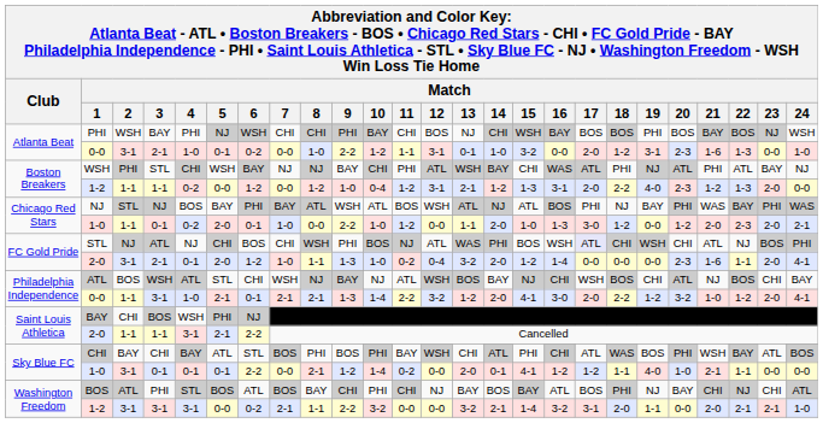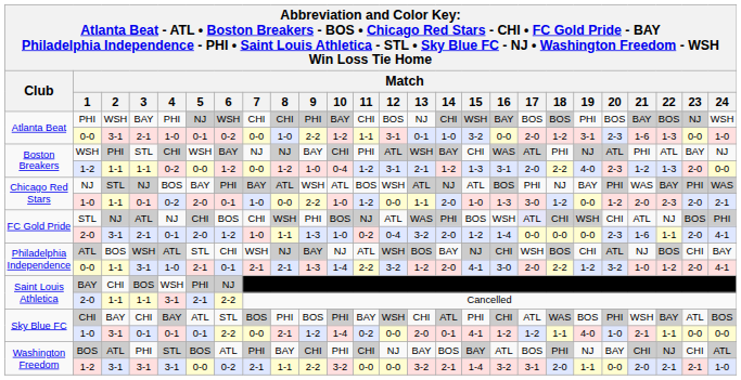 <table class="wikitable" style="text-align:center;width=90%">
 <tr>
 <th colspan="31">Abbreviation and Color Key:<br><a href='#'>Atlanta Beat</a> - ATL • <a href='#'>Boston Breakers</a> - BOS • <a href='#'>Chicago Red Stars</a> - CHI • <a href='#'>FC Gold Pride</a> - BAY<br><a href='#'>Philadelphia Independence</a> - PHI • <a href='#'>Saint Louis Athletica</a> - STL • <a href='#'>Sky Blue FC</a> - NJ • <a href='#'>Washington Freedom</a> - WSH<br><span>Win</span>  <span>Loss</span>  <span>Tie</span> <span>Home</span></th>
 </tr>
 <tr>
 <th width="20%" rowspan="2">Club</th>
 <th width="72%" colspan="30">Match</th>
 </tr>
 <tr style="background-color:#CCCCCC; font-size: 90%">
 <th width="3%">1</th>
 <th width="3%">2</th>
 <th width="3%">3</th>
 <th width="3%">4</th>
 <th width="3%">5</th>
 <th width="3%">6</th>
 <th width="3%">7</th>
 <th width="3%">8</th>
 <th width="3%">9</th>
 <th width="3%">10</th>
 <th width="3%">11</th>
 <th width="3%">12</th>
 <th width="3%">13</th>
 <th width="3%">14</th>
 <th width="3%">15</th>
 <th width="3%">16</th>
 <th width="3%">17</th>
 <th width="3%">18</th>
 <th width="3%">19</th>
 <th width="3%">20</th>
 <th width="3%">21</th>
 <th width="3%">22</th>
 <th width="3%">23</th>
 <th width="3%">24<br></th>
 </tr>
 <tr style="font-size: 75%">
 <td rowspan="2"><a href='#'>Atlanta Beat</a></td>
 <td>PHI</td>
 <td>WSH</td>
 <td>BAY</td>
 <td>PHI</td>
 <td bgcolor=#CCCCCC>NJ</td>
 <td bgcolor=#CCCCCC>WSH</td>
 <td>CHI</td>
 <td bgcolor=#CCCCCC>CHI</td>
 <td bgcolor=#CCCCCC>PHI</td>
 <td bgcolor=#CCCCCC>BAY</td>
 <td>CHI</td>
 <td>BOS</td>
 <td>NJ</td>
 <td bgcolor=#CCCCCC>CHI</td>
 <td bgcolor=#CCCCCC>WSH</td>
 <td bgcolor=#CCCCCC>BAY</td>
 <td>BOS</td>
 <td bgcolor=#CCCCCC>BOS</td>
 <td>PHI</td>
 <td>BOS</td>
 <td bgcolor=#CCCCCC>BAY</td>
 <td bgcolor=#CCCCCC>BOS</td>
 <td bgcolor=#CCCCCC>NJ</td>
 <td>WSH</td>
 </tr>
 <tr style="font-size: 75%">
 <td bgcolor=#FFFDD0>0-0</td>
 <td bgcolor=#FFDFDF>3-1</td>
 <td bgcolor=#FFDFDF>2-1</td>
 <td bgcolor=#FFDFDF>1-0</td>
 <td bgcolor=#FFDFDF>0-1</td>
 <td bgcolor=#FFDFDF>0-2</td>
 <td bgcolor=#FFFDD0>0-0</td>
 <td bgcolor=#DFE7FF>1-0</td>
 <td bgcolor=#FFFDD0>2-2</td>
 <td bgcolor=#FFDFDF>1-2</td>
 <td bgcolor=#FFFDD0>1-1</td>
 <td bgcolor=#FFDFDF>3-1</td>
 <td bgcolor=#DFE7FF>0-1</td>
 <td bgcolor=#DFE7FF>1-0</td>
 <td bgcolor=#DFE7FF>3-2</td>
 <td bgcolor=#FFFDD0>0-0</td>
 <td bgcolor=#FFDFDF>2-0</td>
 <td bgcolor=#FFDFDF>1-2</td>
 <td bgcolor=#FFDFDF>3-1</td>
 <td bgcolor=#DFE7FF>2-3</td>
 <td bgcolor=#FFDFDF>1-6</td>
 <td bgcolor=#FFDFDF>1-3</td>
 <td bgcolor=#FFFDD0>0-0</td>
 <td bgcolor=#FFDFDF>1-0</td>
 </tr>
 <tr style="font-size: 75%">
 <td rowspan="2"><a href='#'>Boston Breakers</a></td>
 <td>WSH</td>
 <td bgcolor=#CCCCCC>PHI</td>
 <td>STL</td>
 <td bgcolor=#CCCCCC>CHI</td>
 <td>WSH</td>
 <td bgcolor=#CCCCCC>BAY</td>
 <td>NJ</td>
 <td bgcolor=#CCCCCC>NJ</td>
 <td>BAY</td>
 <td bgcolor=#CCCCCC>CHI</td>
 <td>PHI</td>
 <td bgcolor=#CCCCCC>ATL</td>
 <td bgcolor=#CCCCCC>WSH</td>
 <td bgcolor=#CCCCCC>BAY</td>
 <td>CHI</td>
 <td bgcolor=#CCCCCC>WAS</td>
 <td bgcolor=#CCCCCC>ATL</td>
 <td>PHI</td>
 <td bgcolor=#CCCCCC>NJ</td>
 <td bgcolor=#CCCCCC>ATL</td>
 <td>PHI</td>
 <td>ATL</td>
 <td>BAY</td>
 <td>NJ</td>
 </tr>
 <tr style="font-size: 75%">
 <td bgcolor=#DFE7FF>1-2</td>
 <td bgcolor=#FFFDD0>1-1</td>
 <td bgcolor=#FFFDD0>1-1</td>
 <td bgcolor=#FFDFDF>0-2</td>
 <td bgcolor=#FFFDD0>0-0</td>
 <td bgcolor=#FFDFDF>1-2</td>
 <td bgcolor=#FFFDD0>0-0</td>
 <td bgcolor=#FFDFDF>1-2</td>
 <td bgcolor=#FFDFDF>1-0</td>
 <td bgcolor=#FFDFDF>0-4</td>
 <td bgcolor=#DFE7FF>1-2</td>
 <td bgcolor=#DFE7FF>3-1</td>
 <td bgcolor=#DFE7FF>2-1</td>
 <td bgcolor=#FFDFDF>1-2</td>
 <td bgcolor=#DFE7FF>1-3</td>
 <td bgcolor=#DFE7FF>3-1</td>
 <td bgcolor=#DFE7FF>2-0</td>
 <td bgcolor=#FFFDD0>2-2</td>
 <td bgcolor=#DFE7FF>4-0</td>
 <td bgcolor=#FFDFDF>2-3</td>
 <td bgcolor=#DFE7FF>1-2</td>
 <td bgcolor=#DFE7FF>1-3</td>
 <td bgcolor=#FFDFDF>2-0</td>
 <td bgcolor=#FFFDD0>0-0</td>
 </tr>
 <tr style="font-size: 75%">
 <td rowspan="2"><a href='#'>Chicago Red Stars</a></td>
 <td>NJ</td>
 <td bgcolor=#CCCCCC>STL</td>
 <td bgcolor=#CCCCCC>NJ</td>
 <td>BOS</td>
 <td>BAY</td>
 <td bgcolor=#CCCCCC>PHI</td>
 <td bgcolor=#CCCCCC>BAY</td>
 <td bgcolor=#CCCCCC>ATL</td>
 <td>WSH</td>
 <td>ATL</td>
 <td>BOS</td>
 <td>WSH</td>
 <td bgcolor=#CCCCCC>ATL</td>
 <td bgcolor=#CCCCCC>NJ</td>
 <td>ATL</td>
 <td bgcolor=#CCCCCC>BOS</td>
 <td>PHI</td>
 <td>NJ</td>
 <td>BAY</td>
 <td bgcolor=#CCCCCC>PHI</td>
 <td>WAS</td>
 <td bgcolor=#CCCCCC>BAY</td>
 <td bgcolor=#CCCCCC>PHI</td>
 <td bgcolor=#CCCCCC>WAS</td>
 </tr>
 <tr style="font-size: 75%">
 <td bgcolor=#FFDFDF>1-0</td>
 <td bgcolor=#FFFDD0>1-1</td>
 <td bgcolor=#FFDFDF>0-1</td>
 <td bgcolor=#DFE7FF>0-2</td>
 <td bgcolor=#FFDFDF>2-0</td>
 <td bgcolor=#FFDFDF>0-1</td>
 <td bgcolor=#DFE7FF>1-0</td>
 <td bgcolor=#FFFDD0>0-0</td>
 <td bgcolor=#FFFDD0>2-2</td>
 <td bgcolor=#FFDFDF>1-0</td>
 <td bgcolor=#DFE7FF>1-2</td>
 <td bgcolor=#FFFDD0>0-0</td>
 <td bgcolor=#FFFDD0>1-1</td>
 <td bgcolor=#DFE7FF>2-0</td>
 <td bgcolor=#FFDFDF>1-0</td>
 <td bgcolor=#FFDFDF>1-3</td>
 <td bgcolor=#FFDFDF>3-0</td>
 <td bgcolor=#DFE7FF>1-2</td>
 <td bgcolor=#FFFDD0>0-0</td>
 <td bgcolor=#FFDFDF>1-2</td>
 <td bgcolor=#FFDFDF>2-0</td>
 <td bgcolor=#FFDFDF>2-3</td>
 <td bgcolor=#DFE7FF>2-0</td>
 <td bgcolor=#DFE7FF>2-1</td>
 </tr>
 <tr style="font-size: 75%">
 <td rowspan="2"><a href='#'>FC Gold Pride</a></td>
 <td>STL</td>
 <td bgcolor=#CCCCCC>NJ</td>
 <td bgcolor=#CCCCCC>ATL</td>
 <td>NJ</td>
 <td bgcolor=#CCCCCC>CHI</td>
 <td>BOS</td>
 <td>CHI</td>
 <td bgcolor=#CCCCCC>WSH</td>
 <td>PHI</td>
 <td bgcolor=#CCCCCC>BOS</td>
 <td bgcolor=#CCCCCC>NJ</td>
 <td>ATL</td>
 <td bgcolor=#CCCCCC>WAS</td>
 <td bgcolor=#CCCCCC>PHI</td>
 <td>BOS</td>
 <td>WSH</td>
 <td style="background: lavender;">ATL</td>
 <td bgcolor=#CCCCCC>CHI</td>
 <td bgcolor=#CCCCCC>WSH</td>
 <td>CHI</td>
 <td>ATL</td>
 <td>NJ</td>
 <td bgcolor=#CCCCCC>BOS</td>
 <td bgcolor=#CCCCCC>PHI</td>
 </tr>
 <tr style="font-size: 75%">
 <td bgcolor=#FFDFDF>2-0</td>
 <td bgcolor=#DFE7FF>3-1</td>
 <td bgcolor=#DFE7FF>2-1</td>
 <td bgcolor=#DFE7FF>0-1</td>
 <td bgcolor=#DFE7FF>2-0</td>
 <td bgcolor=#DFE7FF>1-2</td>
 <td bgcolor=#FFDFDF>1-0</td>
 <td bgcolor=#FFFDD0>1-1</td>
 <td bgcolor=#DFE7FF>1-3</td>
 <td bgcolor=#DFE7FF>1-0</td>
 <td bgcolor=#FFDFDF>0-2</td>
 <td bgcolor=#DFE7FF>0-4</td>
 <td bgcolor=#DFE7FF>3-2</td>
 <td bgcolor=#DFE7FF>2-0</td>
 <td bgcolor=#DFE7FF>1-2</td>
 <td bgcolor=#DFE7FF>1-4</td>
 <td bgcolor=#FFFDD0>0-0</td>
 <td bgcolor=#FFFDD0>0-0</td>
 <td bgcolor=#FFFDD0>0-0</td>
 <td bgcolor=#DFE7FF>2-3</td>
 <td bgcolor=#DFE7FF>1-6</td>
 <td bgcolor=#FFFDD0>1-1</td>
 <td bgcolor=#DFE7FF>2-0</td>
 <td bgcolor=#DFE7FF>4-1</td>
 </tr>
 <tr style="font-size: 75%">
 <td rowspan="2"><a href='#'>Philadelphia Independence</a></td>
 <td bgcolor=#CCCCCC>ATL</td>
 <td>BOS</td>
 <td bgcolor=#CCCCCC>WSH</td>
 <td bgcolor=#CCCCCC>ATL</td>
 <td>STL</td>
 <td>CHI</td>
 <td>WSH</td>
 <td bgcolor=#CCCCCC>NJ</td>
 <td bgcolor=#CCCCCC>BAY</td>
 <td>NJ</td>
 <td>ATL</td>
 <td bgcolor=#CCCCCC>WSH</td>
 <td bgcolor=#CCCCCC>BOS</td>
 <td>BAY</td>
 <td bgcolor=#CCCCCC>NJ</td>
 <td bgcolor=#CCCCCC>CHI</td>
 <td>WSH</td>
 <td bgcolor=#CCCCCC>BOS</td>
 <td>CHI</td>
 <td bgcolor=#CCCCCC>ATL</td>
 <td>NJ</td>
 <td bgcolor=#CCCCCC>BOS</td>
 <td>CHI</td>
 <td>BAY</td>
 </tr>
 <tr style="font-size: 75%">
 <td bgcolor=#FFFDD0>0-0</td>
 <td bgcolor=#FFFDD0>1-1</td>
 <td bgcolor=#DFE7FF>3-1</td>
 <td bgcolor=#DFE7FF>1-0</td>
 <td bgcolor=#FFDFDF>2-1</td>
 <td bgcolor=#DFE7FF>0-1</td>
 <td bgcolor=#FFDFDF>2-1</td>
 <td bgcolor=#DFE7FF>2-1</td>
 <td bgcolor=#FFDFDF>1-3</td>
 <td bgcolor=#DFE7FF>1-4</td>
 <td bgcolor=#FFFDD0>2-2</td>
 <td bgcolor=#DFE7FF>3-2</td>
 <td bgcolor=#FFDFDF>1-2</td>
 <td bgcolor=#FFDFDF>2-0</td>
 <td bgcolor=#DFE7FF>4-1</td>
 <td bgcolor=#DFE7FF>3-0</td>
 <td bgcolor=#FFDFDF>2-0</td>
 <td bgcolor=#FFFDD0>2-2</td>
 <td bgcolor=#DFE7FF>1-2</td>
 <td bgcolor=#DFE7FF>3-2</td>
 <td bgcolor=#FFDFDF>1-0</td>
 <td bgcolor=#FFDFDF>1-2</td>
 <td bgcolor=#FFDFDF>2-0</td>
 <td bgcolor=#FFDFDF>4-1</td>
 </tr>
 <tr style="font-size: 75%">
 <td rowspan="2"><a href='#'>Saint Louis Athletica</a></td>
 <td bgcolor=#CCCCCC>BAY</td>
 <td>CHI</td>
 <td bgcolor=#CCCCCC>BOS</td>
 <td>WSH</td>
 <td bgcolor=#CCCCCC>PHI</td>
 <td bgcolor=#CCCCCC>NJ</td>
 <td colspan=18 bgcolor=#000000></td>
 </tr>
 <tr style="font-size: 75%">
 <td bgcolor=#DFE7FF>2-0</td>
 <td bgcolor=#FFFDD0>1-1</td>
 <td bgcolor=#FFFDD0>1-1</td>
 <td bgcolor=#FFDFDF>3-1</td>
 <td bgcolor=#DFE7FF>2-1</td>
 <td bgcolor=#FFFDD0>2-2</td>
 <td colspan=18>Cancelled</td>
 </tr>
 <tr style="font-size: 75%">
 <td rowspan="2"><a href='#'>Sky Blue FC</a></td>
 <td bgcolor=#CCCCCC>CHI</td>
 <td>BAY</td>
 <td>CHI</td>
 <td bgcolor=#CCCCCC>BAY</td>
 <td>ATL</td>
 <td>STL</td>
 <td bgcolor=#CCCCCC>BOS</td>
 <td>PHI</td>
 <td>BOS</td>
 <td bgcolor=#CCCCCC>PHI</td>
 <td>BAY</td>
 <td bgcolor=#CCCCCC>WSH</td>
 <td>CHI</td>
 <td bgcolor=#CCCCCC>ATL</td>
 <td>PHI</td>
 <td bgcolor=#CCCCCC>CHI</td>
 <td>ATL</td>
 <td bgcolor=#CCCCCC>WAS</td>
 <td>BOS</td>
 <td bgcolor=#CCCCCC>PHI</td>
 <td>WSH</td>
 <td bgcolor=#CCCCCC>BAY</td>
 <td>ATL</td>
 <td bgcolor=#CCCCCC>BOS</td>
 </tr>
 <tr style="font-size: 75%">
 <td bgcolor=#DFE7FF>1-0</td>
 <td bgcolor=#FFDFDF>3-1</td>
 <td bgcolor=#DFE7FF>0-1</td>
 <td bgcolor=#FFDFDF>0-1</td>
 <td bgcolor=#DFE7FF>0-1</td>
 <td bgcolor=#FFFDD0>2-2</td>
 <td bgcolor=#FFFDD0>0-0</td>
 <td bgcolor=#FFDFDF>2-1</td>
 <td bgcolor=#DFE7FF>1-2</td>
 <td bgcolor=#FFDFDF>1-4</td>
 <td bgcolor=#DFE7FF>0-2</td>
 <td bgcolor=#FFFDD0>0-0</td>
 <td bgcolor=#FFDFDF>2-0</td>
 <td bgcolor=#FFDFDF>0-1</td>
 <td bgcolor=#FFDFDF>4-1</td>
 <td bgcolor=#FFDFDF>1-2</td>
 <td bgcolor=#DFE7FF>1-2</td>
 <td bgcolor=#FFFDD0>1-1</td>
 <td bgcolor=#FFDFDF>4-0</td>
 <td bgcolor=#DFE7FF>1-0</td>
 <td bgcolor=#FFDFDF>2-1</td>
 <td bgcolor=#FFFDD0>1-1</td>
 <td bgcolor=#FFFDD0>0-0</td>
 <td bgcolor=#FFFDD0>0-0</td>
 </tr>
 <tr style="font-size: 75%">
 <td rowspan="2"><a href='#'>Washington Freedom</a></td>
 <td bgcolor=#CCCCCC>BOS</td>
 <td bgcolor=#CCCCCC>ATL</td>
 <td>PHI</td>
 <td bgcolor=#CCCCCC>STL</td>
 <td bgcolor=#CCCCCC>BOS</td>
 <td>ATL</td>
-<td bgcolor=#CCCCCC>BOS</td>
+<td bgcolor=#CCCCCC>PHI</td>
 <td>BAY</td>
 <td bgcolor=#CCCCCC>CHI</td>
 <td>PHI</td>
 <td bgcolor=#CCCCCC>CHI</td>
 <td>NJ</td>
 <td>BAY</td>
 <td>BOS</td>
 <td bgcolor=#CCCCCC>BAY</td>
 <td>ATL</td>
 <td>BOS</td>
 <td bgcolor=#CCCCCC>PHI</td>
 <td>NJ</td>
 <td>BAY</td>
 <td bgcolor=#CCCCCC>CHI</td>
 <td bgcolor=#CCCCCC>NJ</td>
 <td>CHI</td>
 <td bgcolor=#CCCCCC>ATL</td>
 </tr>
 <tr style="font-size: 75%">
 <td bgcolor=#FFDFDF>1-2</td>
 <td bgcolor=#DFE7FF>3-1</td>
 <td bgcolor=#FFDFDF>3-1</td>
 <td bgcolor=#DFE7FF>3-1</td>
 <td bgcolor=#FFFDD0>0-0</td>
 <td bgcolor=#DFE7FF>0-2</td>
 <td bgcolor=#DFE7FF>2-1</td>
 <td bgcolor=#FFFDD0>1-1</td>
 <td bgcolor=#FFFDD0>2-2</td>
 <td bgcolor=#FFDFDF>3-2</td>
 <td bgcolor=#FFFDD0>0-0</td>
 <td bgcolor=#FFFDD0>0-0</td>
 <td bgcolor=#FFDFDF>3-2</td>
 <td bgcolor=#FFDFDF>2-1</td>
 <td bgcolor=#FFDFDF>1-4</td>
 <td bgcolor=#FFDFDF>3-2</td>
 <td bgcolor=#FFDFDF>3-1</td>
 <td bgcolor=#DFE7FF>2-0</td>
 <td bgcolor=#FFFDD0>1-1</td>
 <td bgcolor=#FFFDD0>0-0</td>
 <td bgcolor=#DFE7FF>2-0</td>
 <td bgcolor=#DFE7FF>2-1</td>
 <td bgcolor=#FFDFDF>2-1</td>
 <td bgcolor=#DFE7FF>1-0</td>
 </tr>
 </table>
